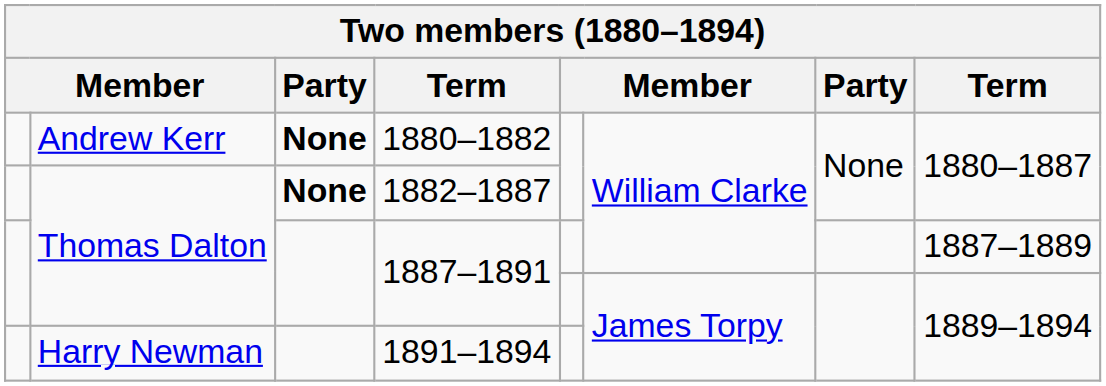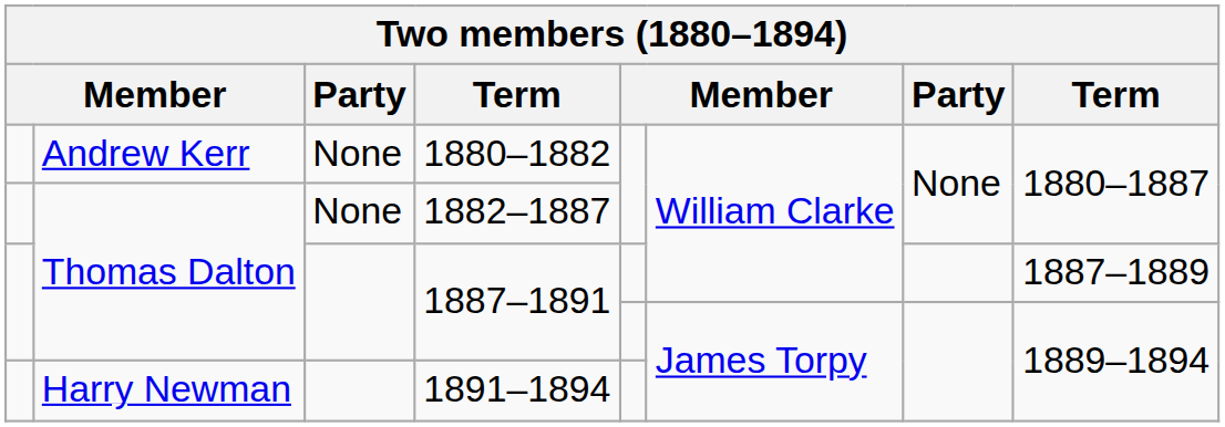 <table class="wikitable">
 <tr>
 <th colspan="8">Two members (1880–1894)</th>
 </tr>
 <tr>
 <th colspan="2">Member</th>
 <th>Party</th>
 <th>Term</th>
 <th colspan="2">Member</th>
 <th>Party</th>
 <th>Term</th>
 </tr>
 <tr>
 <td> </td>
 <td><a href='#'>Andrew Kerr</a></td>
-<td><strong>None</strong></td>
+<td>None</td>
 <td>1880–1882</td>
 <td rowspan="2" > </td>
 <td rowspan="3"><a href='#'>William Clarke</a></td>
 <td rowspan="2">None</td>
 <td rowspan="2">1880–1887</td>
 </tr>
 <tr>
 <td> </td>
 <td rowspan="3"><a href='#'>Thomas Dalton</a></td>
-<td><strong>None</strong></td>
+<td>None</td>
 <td>1882–1887</td>
 </tr>
 <tr>
 <td rowspan="2" > </td>
 <td rowspan="2"></td>
 <td rowspan="2">1887–1891</td>
 <td> </td>
 <td></td>
 <td>1887–1889</td>
 </tr>
 <tr>
 <td> </td>
 <td rowspan="2"><a href='#'>James Torpy</a></td>
 <td rowspan="2"></td>
 <td rowspan="2">1889–1894</td>
 </tr>
 <tr>
 <td> </td>
 <td><a href='#'>Harry Newman</a></td>
 <td></td>
 <td>1891–1894</td>
 <td> </td>
 </tr>
 </table>
